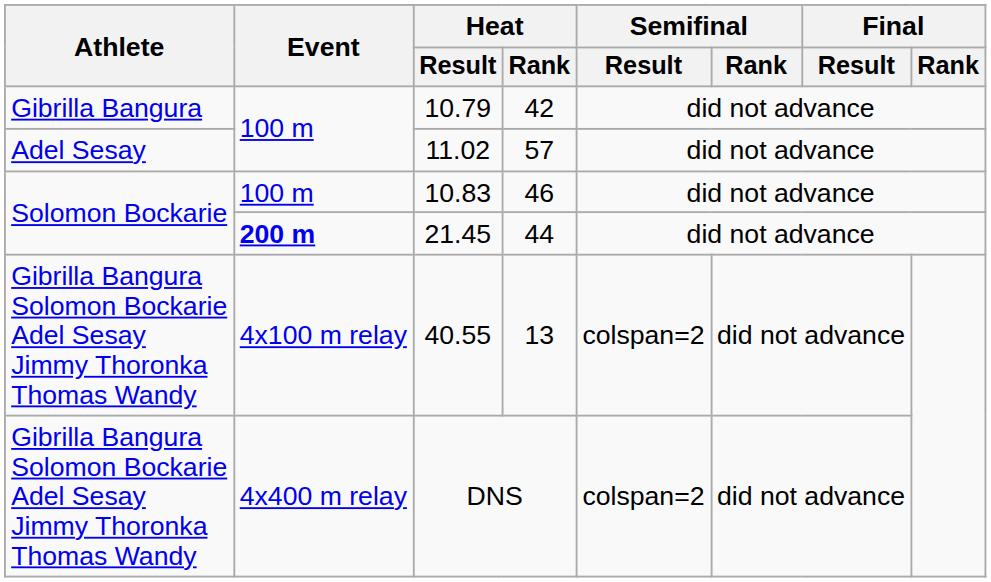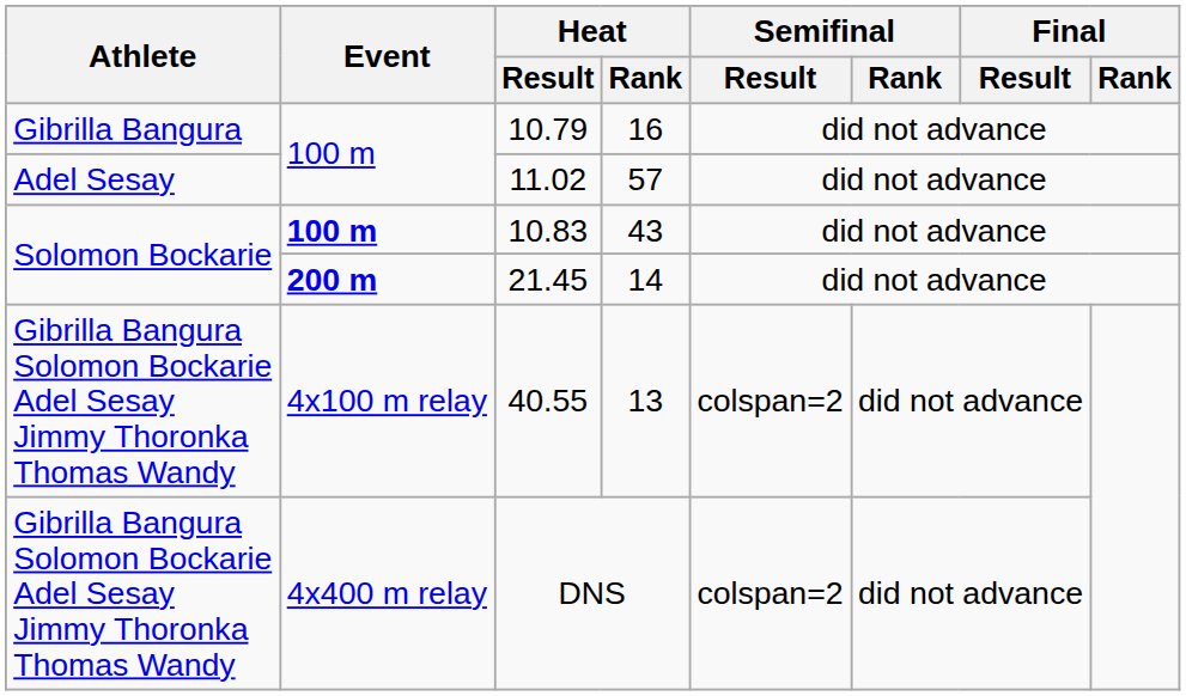 <table class="wikitable" style="font-size:90%">
 <tr>
 <th rowspan=2>Athlete</th>
 <th rowspan=2>Event</th>
 <th colspan=2>Heat</th>
 <th colspan=2>Semifinal</th>
 <th colspan=2>Final</th>
 </tr>
 <tr style="font-size:95%">
 <th>Result</th>
 <th>Rank</th>
 <th>Result</th>
 <th>Rank</th>
 <th>Result</th>
 <th>Rank</th>
 </tr>
 <tr align=center>
 <td align=left><a href='#'>Gibrilla Bangura</a></td>
 <td align=left rowspan=2><a href='#'>100 m</a></td>
 <td>10.79</td>
-<td>42</td>
+<td>16</td>
 <td colspan=4>did not advance</td>
 </tr>
 <tr align=center>
 <td align=left><a href='#'>Adel Sesay</a></td>
 <td>11.02</td>
 <td>57</td>
 <td colspan=4>did not advance</td>
 </tr>
 <tr align=center>
 <td align=left rowspan=2><a href='#'>Solomon Bockarie</a></td>
-<td align=left><a href='#'>100 m</a></td>
+<td align=left><strong><a href='#'>100 m</a></strong></td>
 <td>10.83</td>
-<td>46</td>
+<td>43</td>
 <td colspan=4>did not advance</td>
 </tr>
 <tr align=center>
 <td align=left><strong><a href='#'>200 m</a></strong></td>
 <td>21.45</td>
-<td>44</td>
+<td>14</td>
 <td colspan=4>did not advance</td>
 </tr>
 <tr align=center>
 <td align=left><a href='#'>Gibrilla Bangura</a><br><a href='#'>Solomon Bockarie</a><br><a href='#'>Adel Sesay</a><br><a href='#'>Jimmy Thoronka</a><br><a href='#'>Thomas Wandy</a></td>
 <td align=left><a href='#'>4x100 m relay</a></td>
 <td>40.55</td>
 <td>13</td>
 <td>colspan=2 </td>
 <td colspan=2>did not advance</td>
 </tr>
 <tr align=center>
 <td align=left><a href='#'>Gibrilla Bangura</a><br><a href='#'>Solomon Bockarie</a><br><a href='#'>Adel Sesay</a><br><a href='#'>Jimmy Thoronka</a><br><a href='#'>Thomas Wandy</a></td>
 <td align=left><a href='#'>4x400 m relay</a></td>
 <td colspan=2>DNS</td>
 <td>colspan=2 </td>
 <td colspan=2>did not advance</td>
 </tr>
 </table>
